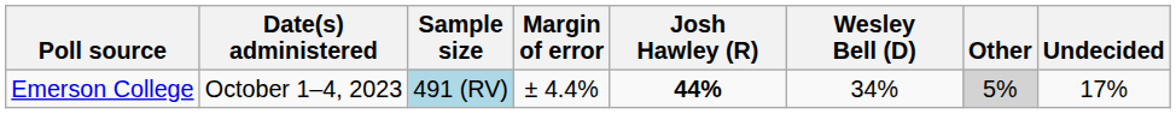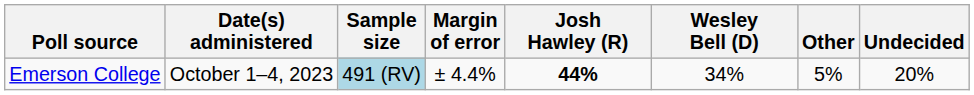 <table class="wikitable" style="font-size:90%;text-align:center;">
 <tr valign=bottom>
 <th>Poll source</th>
 <th>Date(s)<br>administered</th>
 <th>Sample<br>size</th>
 <th>Margin<br>of error</th>
 <th style="width:100px;">Josh<br>Hawley (R)</th>
 <th style="width:100px;">Wesley<br>Bell (D)</th>
 <th>Other</th>
 <th>Undecided</th>
 </tr>
 <tr>
 <td style="text-align:left"><a href='#'>Emerson College</a></td>
 <td>October 1–4, 2023</td>
 <td style="background: lightblue;">491 (RV)</td>
 <td>± 4.4%</td>
 <td><strong>44%</strong></td>
 <td>34%</td>
-<td style="background: lightgrey;">5%</td>
-<td>17%</td>
+<td>5%</td>
+<td>20%</td>
 </tr>
 </table>
